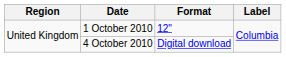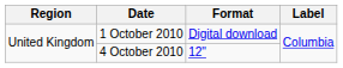 <table class=wikitable>
 <tr>
 <th>Region</th>
 <th>Date</th>
 <th>Format</th>
 <th>Label</th>
 </tr>
 <tr>
 <td rowspan="2">United Kingdom</td>
 <td>1 October 2010</td>
-<td><a href='#'>12"</a></td>
+<td><a href='#'>Digital download</a></td>
 <td rowspan="2"><a href='#'>Columbia</a></td>
 </tr>
 <tr>
 <td>4 October 2010</td>
-<td><a href='#'>Digital download</a></td>
+<td><a href='#'>12"</a></td>
 </tr>
 </table>
